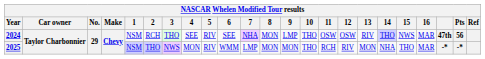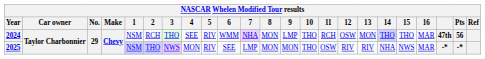 <table class="wikitable" style="text-align:center; font-size:75%">
 <tr>
 <th colspan=38><a href='#'>NASCAR</a> <a href='#'>Whelen Modified Tour</a> results</th>
 </tr>
 <tr>
 <th>Year</th>
 <th>Car owner</th>
 <th>No.</th>
 <th>Make</th>
 <th>1</th>
 <th>2</th>
 <th>3</th>
 <th>4</th>
 <th>5</th>
 <th>6</th>
 <th>7</th>
 <th>8</th>
 <th>9</th>
 <th>10</th>
 <th>11</th>
 <th>12</th>
 <th>13</th>
 <th>14</th>
 <th>15</th>
 <th>16</th>
 <th></th>
 <th>Pts</th>
 <th>Ref</th>
 </tr>
 <tr>
 <th><a href='#'>2024</a></th>
 <th rowspan=2>Taylor Charbonnier</th>
 <th rowspan=2>29</th>
 <th rowspan=2><a href='#'>Chevy</a></th>
 <td><a href='#'>NSM</a></td>
 <td><a href='#'>RCH</a></td>
 <td style="background:#DFFFDF;"><a href='#'>THO</a><br></td>
 <td><a href='#'>SEE</a></td>
 <td><a href='#'>RIV</a></td>
-<td><a href='#'>SEE</a></td>
+<td><a href='#'>WMM</a></td>
 <td style="background:#EFCFFF;"><a href='#'>NHA</a><br></td>
 <td><a href='#'>MON</a></td>
 <td><a href='#'>LMP</a></td>
 <td><a href='#'>THO</a></td>
+<td><a href='#'>RCH</a></td>
 <td><a href='#'>OSW</a></td>
-<td><a href='#'>OSW</a></td>
-<td><a href='#'>RIV</a></td>
+<td><a href='#'>MON</a></td>
 <td style="background:#CFCFFF;"><a href='#'>THO</a><br></td>
-<td><a href='#'>NWS</a></td>
+<td><a href='#'>THO</a></td>
 <td><a href='#'>MAR</a></td>
 <th>47th</th>
 <th>56</th>
 <th></th>
 </tr>
 <tr>
 <th><a href='#'>2025</a></th>
 <td style="background:#CFCFFF;"><a href='#'>NSM</a><br></td>
 <td style="background:#CFCFFF;"><a href='#'>THO</a><br></td>
 <td style="background:#EFCFFF;"><a href='#'>NWS</a><br></td>
 <td><a href='#'>MON</a></td>
 <td><a href='#'>RIV</a></td>
-<td><a href='#'>WMM</a></td>
+<td><a href='#'>SEE</a></td>
 <td><a href='#'>LMP</a></td>
 <td><a href='#'>MON</a></td>
 <td style="background:#;"><a href='#'>MON</a><br></td>
 <td><a href='#'>THO</a></td>
-<td><a href='#'>RCH</a></td>
+<td><a href='#'>OSW</a></td>
 <td><a href='#'>RIV</a></td>
-<td><a href='#'>MON</a></td>
+<td><a href='#'>RIV</a></td>
 <td><a href='#'>NHA</a></td>
-<td><a href='#'>THO</a></td>
+<td><a href='#'>NWS</a></td>
 <td><a href='#'>MAR</a></td>
 <th>-*</th>
 <th>-*</th>
 <th></th>
 </tr>
 </table>
